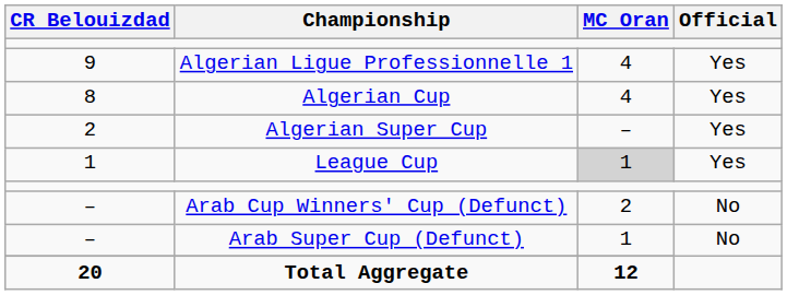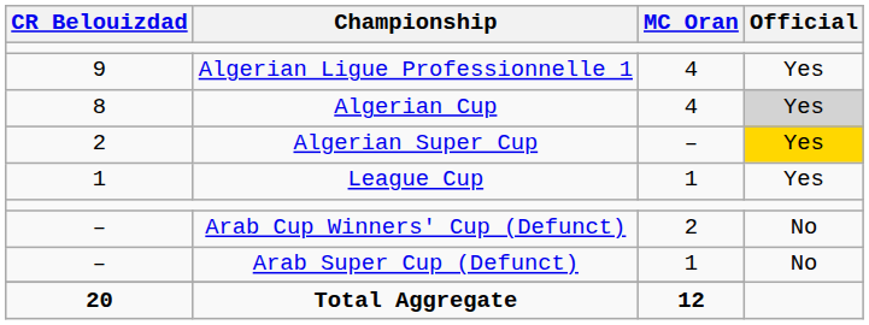 <table class="wikitable plainrowheaders sortable" style="text-align:center;font-size:95%">
 <tr>
 <th><a href='#'>CR Belouizdad</a></th>
 <th>Championship</th>
 <th><a href='#'>MC Oran</a></th>
 <th>Official</th>
 </tr>
 <tr>
 <td colspan="4"></td>
 </tr>
 <tr style="text-align:center;">
 <td>9</td>
 <td><a href='#'>Algerian Ligue Professionnelle 1</a></td>
 <td>4</td>
 <td>Yes</td>
 </tr>
 <tr style="text-align:center;">
 <td>8</td>
 <td><a href='#'>Algerian Cup</a></td>
 <td>4</td>
-<td>Yes</td>
+<td style="background: lightgrey;">Yes</td>
 </tr>
 <tr style="text-align:center;">
 <td>2</td>
 <td><a href='#'>Algerian Super Cup</a></td>
 <td>–</td>
-<td>Yes</td>
+<td style="background: gold;">Yes</td>
 </tr>
 <tr style="text-align:center;">
 <td>1</td>
 <td><a href='#'>League Cup</a></td>
-<td style="background: lightgrey;">1</td>
+<td>1</td>
 <td>Yes</td>
 </tr>
 <tr>
 <td colspan="4"></td>
 </tr>
 <tr style="text-align:center;">
 <td>–</td>
 <td><a href='#'>Arab Cup Winners' Cup (Defunct)</a></td>
 <td>2</td>
 <td>No</td>
 </tr>
 <tr style="text-align:center;">
 <td>–</td>
 <td><a href='#'>Arab Super Cup (Defunct)</a></td>
 <td>1</td>
 <td>No</td>
 </tr>
 <tr>
 </tr>
 <tr align="center">
 <td><strong>20</strong></td>
 <td><strong>Total Aggregate</strong></td>
 <td><strong>12</strong></td>
 </tr>
 </table>
